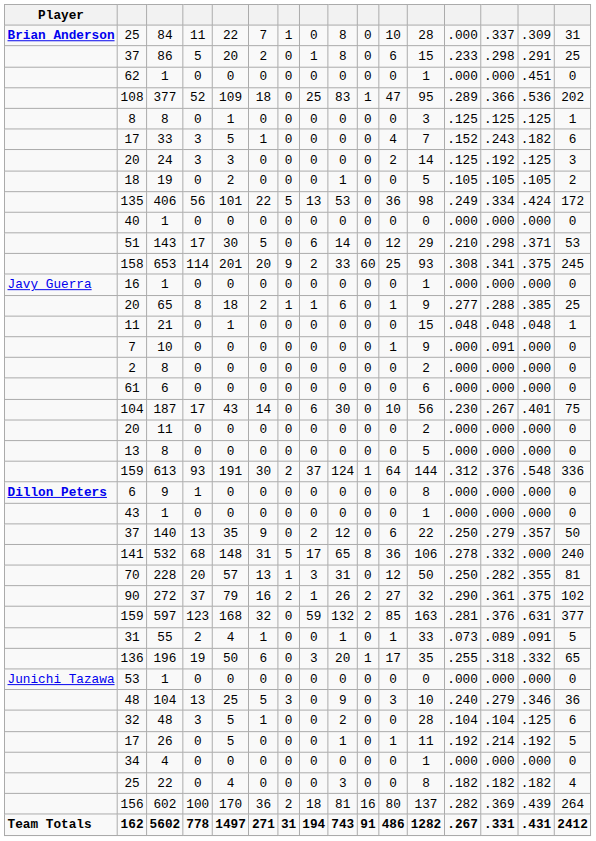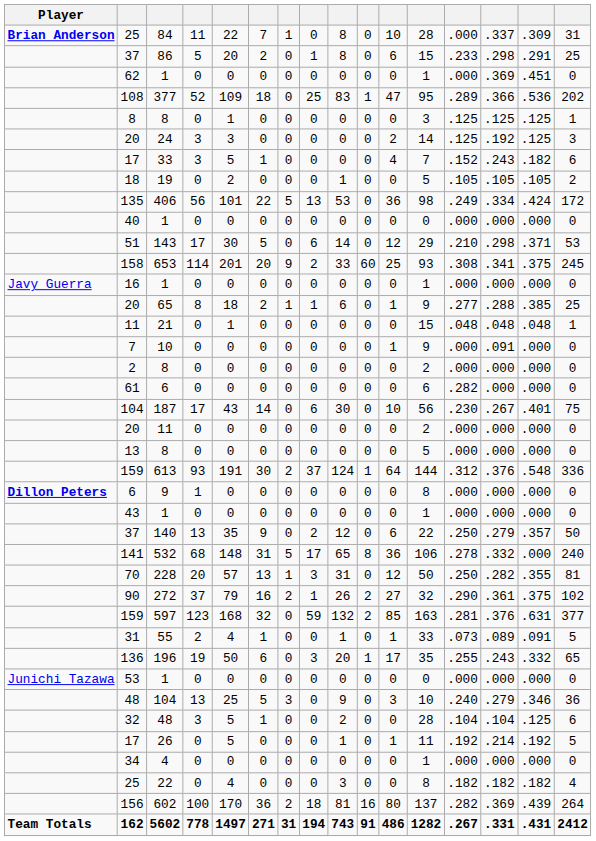 <table class="wikitable sortable" style="text-align:center;">
 <tr>
 <th>Player</th>
 <th></th>
 <th></th>
 <th></th>
 <th></th>
 <th></th>
 <th></th>
 <th></th>
 <th></th>
 <th></th>
 <th></th>
 <th></th>
 <th></th>
 <th></th>
 <th></th>
 <th></th>
 </tr>
 <tr>
 <td align=left><strong><a href='#'>Brian Anderson</a></strong></td>
 <td>25</td>
 <td>84</td>
 <td>11</td>
 <td>22</td>
 <td>7</td>
 <td>1</td>
 <td>0</td>
 <td>8</td>
 <td>0</td>
 <td>10</td>
 <td>28</td>
 <td>.000</td>
 <td>.337</td>
 <td>.309</td>
 <td>31</td>
 </tr>
 <tr>
 <td align=left></td>
 <td>37</td>
 <td>86</td>
 <td>5</td>
 <td>20</td>
 <td>2</td>
 <td>0</td>
 <td>1</td>
 <td>8</td>
 <td>0</td>
 <td>6</td>
 <td>15</td>
 <td>.233</td>
 <td>.298</td>
 <td>.291</td>
 <td>25</td>
 </tr>
 <tr>
 <td align=left><strong></strong></td>
 <td>62</td>
 <td>1</td>
 <td>0</td>
 <td>0</td>
 <td>0</td>
 <td>0</td>
 <td>0</td>
 <td>0</td>
 <td>0</td>
 <td>0</td>
 <td>1</td>
 <td>.000</td>
-<td>.000</td>
+<td>.369</td>
 <td>.451</td>
 <td>0</td>
 </tr>
 <tr>
 <td align=left></td>
 <td>108</td>
 <td>377</td>
 <td>52</td>
 <td>109</td>
 <td>18</td>
 <td>0</td>
 <td>25</td>
 <td>83</td>
 <td>1</td>
 <td>47</td>
 <td>95</td>
 <td>.289</td>
 <td>.366</td>
 <td>.536</td>
 <td>202</td>
 </tr>
 <tr>
 <td align=left></td>
 <td>8</td>
 <td>8</td>
 <td>0</td>
 <td>1</td>
 <td>0</td>
 <td>0</td>
 <td>0</td>
 <td>0</td>
 <td>0</td>
 <td>0</td>
 <td>3</td>
 <td>.125</td>
 <td>.125</td>
 <td>.125</td>
 <td>1</td>
 </tr>
 <tr>
 <td align=left></td>
+<td>20</td>
+<td>24</td>
+<td>3</td>
+<td>3</td>
+<td>0</td>
+<td>0</td>
+<td>0</td>
+<td>0</td>
+<td>0</td>
+<td>2</td>
+<td>14</td>
+<td>.125</td>
+<td>.192</td>
+<td>.125</td>
+<td>3</td>
+</tr>
+<tr>
+<td align=left></td>
 <td>17</td>
 <td>33</td>
 <td>3</td>
 <td>5</td>
 <td>1</td>
 <td>0</td>
 <td>0</td>
 <td>0</td>
 <td>0</td>
 <td>4</td>
 <td>7</td>
 <td>.152</td>
 <td>.243</td>
 <td>.182</td>
 <td>6</td>
-</tr>
-<tr>
-<td align=left></td>
-<td>20</td>
-<td>24</td>
-<td>3</td>
-<td>3</td>
-<td>0</td>
-<td>0</td>
-<td>0</td>
-<td>0</td>
-<td>0</td>
-<td>2</td>
-<td>14</td>
-<td>.125</td>
-<td>.192</td>
-<td>.125</td>
-<td>3</td>
 </tr>
 <tr>
 <td align=left></td>
 <td>18</td>
 <td>19</td>
 <td>0</td>
 <td>2</td>
 <td>0</td>
 <td>0</td>
 <td>0</td>
 <td>1</td>
 <td>0</td>
 <td>0</td>
 <td>5</td>
 <td>.105</td>
 <td>.105</td>
 <td>.105</td>
 <td>2</td>
 </tr>
 <tr>
 <td align=left></td>
 <td>135</td>
 <td>406</td>
 <td>56</td>
 <td>101</td>
 <td>22</td>
 <td>5</td>
 <td>13</td>
 <td>53</td>
 <td>0</td>
 <td>36</td>
 <td>98</td>
 <td>.249</td>
 <td>.334</td>
 <td>.424</td>
 <td>172</td>
 </tr>
 <tr>
 <td align=left></td>
 <td>40</td>
 <td>1</td>
 <td>0</td>
 <td>0</td>
 <td>0</td>
 <td>0</td>
 <td>0</td>
 <td>0</td>
 <td>0</td>
 <td>0</td>
 <td>0</td>
 <td>.000</td>
 <td>.000</td>
 <td>.000</td>
 <td>0</td>
 </tr>
 <tr>
 <td align=left></td>
 <td>51</td>
 <td>143</td>
 <td>17</td>
 <td>30</td>
 <td>5</td>
 <td>0</td>
 <td>6</td>
 <td>14</td>
 <td>0</td>
 <td>12</td>
 <td>29</td>
 <td>.210</td>
 <td>.298</td>
 <td>.371</td>
 <td>53</td>
 </tr>
 <tr>
 <td align=left><strong></strong></td>
 <td>158</td>
 <td>653</td>
 <td>114</td>
 <td>201</td>
 <td>20</td>
 <td>9</td>
 <td>2</td>
 <td>33</td>
 <td>60</td>
 <td>25</td>
 <td>93</td>
 <td>.308</td>
 <td>.341</td>
 <td>.375</td>
 <td>245</td>
 </tr>
 <tr>
 <td align=left><a href='#'>Javy Guerra</a></td>
 <td>16</td>
 <td>1</td>
 <td>0</td>
 <td>0</td>
 <td>0</td>
 <td>0</td>
 <td>0</td>
 <td>0</td>
 <td>0</td>
 <td>0</td>
 <td>1</td>
 <td>.000</td>
 <td>.000</td>
 <td>.000</td>
 <td>0</td>
 </tr>
 <tr>
 <td align=left></td>
 <td>20</td>
 <td>65</td>
 <td>8</td>
 <td>18</td>
 <td>2</td>
 <td>1</td>
 <td>1</td>
 <td>6</td>
 <td>0</td>
 <td>1</td>
 <td>9</td>
 <td>.277</td>
 <td>.288</td>
 <td>.385</td>
 <td>25</td>
 </tr>
 <tr>
 <td align=left></td>
 <td>11</td>
 <td>21</td>
 <td>0</td>
 <td>1</td>
 <td>0</td>
 <td>0</td>
 <td>0</td>
 <td>0</td>
 <td>0</td>
 <td>0</td>
 <td>15</td>
 <td>.048</td>
 <td>.048</td>
 <td>.048</td>
 <td>1</td>
 </tr>
 <tr>
 <td align=left></td>
 <td>7</td>
 <td>10</td>
 <td>0</td>
 <td>0</td>
 <td>0</td>
 <td>0</td>
 <td>0</td>
 <td>0</td>
 <td>0</td>
 <td>1</td>
 <td>9</td>
 <td>.000</td>
 <td>.091</td>
 <td>.000</td>
 <td>0</td>
 </tr>
 <tr>
 <td align=left></td>
 <td>2</td>
 <td>8</td>
 <td>0</td>
 <td>0</td>
 <td>0</td>
 <td>0</td>
 <td>0</td>
 <td>0</td>
 <td>0</td>
 <td>0</td>
 <td>2</td>
 <td>.000</td>
 <td>.000</td>
 <td>.000</td>
 <td>0</td>
 </tr>
 <tr>
 <td align=left></td>
 <td>61</td>
 <td>6</td>
 <td>0</td>
 <td>0</td>
 <td>0</td>
 <td>0</td>
 <td>0</td>
 <td>0</td>
 <td>0</td>
 <td>0</td>
 <td>6</td>
-<td>.000</td>
+<td>.282</td>
 <td>.000</td>
 <td>.000</td>
 <td>0</td>
 </tr>
 <tr>
 <td align=left></td>
 <td>104</td>
 <td>187</td>
 <td>17</td>
 <td>43</td>
 <td>14</td>
 <td>0</td>
 <td>6</td>
 <td>30</td>
 <td>0</td>
 <td>10</td>
 <td>56</td>
 <td>.230</td>
 <td>.267</td>
 <td>.401</td>
 <td>75</td>
 </tr>
 <tr>
 <td align=left></td>
 <td>20</td>
 <td>11</td>
 <td>0</td>
 <td>0</td>
 <td>0</td>
 <td>0</td>
 <td>0</td>
 <td>0</td>
 <td>0</td>
 <td>0</td>
 <td>2</td>
 <td>.000</td>
 <td>.000</td>
 <td>.000</td>
 <td>0</td>
 </tr>
 <tr>
 <td align=left></td>
 <td>13</td>
 <td>8</td>
 <td>0</td>
 <td>0</td>
 <td>0</td>
 <td>0</td>
 <td>0</td>
 <td>0</td>
 <td>0</td>
 <td>0</td>
 <td>5</td>
 <td>.000</td>
 <td>.000</td>
 <td>.000</td>
 <td>0</td>
 </tr>
 <tr>
 <td align=left><strong></strong></td>
 <td>159</td>
 <td>613</td>
 <td>93</td>
 <td>191</td>
 <td>30</td>
 <td>2</td>
 <td>37</td>
 <td>124</td>
 <td>1</td>
 <td>64</td>
 <td>144</td>
 <td>.312</td>
 <td>.376</td>
 <td>.548</td>
 <td>336</td>
 </tr>
 <tr>
 <td align=left><strong><a href='#'>Dillon Peters</a></strong></td>
 <td>6</td>
 <td>9</td>
 <td>1</td>
 <td>0</td>
 <td>0</td>
 <td>0</td>
 <td>0</td>
 <td>0</td>
 <td>0</td>
 <td>0</td>
 <td>8</td>
 <td>.000</td>
 <td>.000</td>
 <td>.000</td>
 <td>0</td>
 </tr>
 <tr>
 <td align=left><strong></strong></td>
 <td>43</td>
 <td>1</td>
 <td>0</td>
 <td>0</td>
 <td>0</td>
 <td>0</td>
 <td>0</td>
 <td>0</td>
 <td>0</td>
 <td>0</td>
 <td>1</td>
 <td>.000</td>
 <td>.000</td>
 <td>.000</td>
 <td>0</td>
 </tr>
 <tr>
 <td align=left></td>
 <td>37</td>
 <td>140</td>
 <td>13</td>
 <td>35</td>
 <td>9</td>
 <td>0</td>
 <td>2</td>
 <td>12</td>
 <td>0</td>
 <td>6</td>
 <td>22</td>
 <td>.250</td>
 <td>.279</td>
 <td>.357</td>
 <td>50</td>
 </tr>
 <tr>
 <td align=left><strong></strong></td>
 <td>141</td>
 <td>532</td>
 <td>68</td>
 <td>148</td>
 <td>31</td>
 <td>5</td>
 <td>17</td>
 <td>65</td>
 <td>8</td>
 <td>36</td>
 <td>106</td>
 <td>.278</td>
 <td>.332</td>
 <td>.000</td>
 <td>240</td>
 </tr>
 <tr>
 <td align=left><strong></strong></td>
 <td>70</td>
 <td>228</td>
 <td>20</td>
 <td>57</td>
 <td>13</td>
 <td>1</td>
 <td>3</td>
 <td>31</td>
 <td>0</td>
 <td>12</td>
 <td>50</td>
 <td>.250</td>
 <td>.282</td>
 <td>.355</td>
 <td>81</td>
 </tr>
 <tr>
 <td align=left><strong></strong></td>
 <td>90</td>
 <td>272</td>
 <td>37</td>
 <td>79</td>
 <td>16</td>
 <td>2</td>
 <td>1</td>
 <td>26</td>
 <td>2</td>
 <td>27</td>
 <td>32</td>
 <td>.290</td>
 <td>.361</td>
 <td>.375</td>
 <td>102</td>
 </tr>
 <tr>
 <td align=left><strong></strong></td>
 <td>159</td>
 <td>597</td>
 <td>123</td>
 <td>168</td>
 <td>32</td>
 <td>0</td>
 <td>59</td>
 <td>132</td>
 <td>2</td>
 <td>85</td>
 <td>163</td>
 <td>.281</td>
 <td>.376</td>
 <td>.631</td>
 <td>377</td>
 </tr>
 <tr>
 <td align=left></td>
 <td>31</td>
 <td>55</td>
 <td>2</td>
 <td>4</td>
 <td>1</td>
 <td>0</td>
 <td>0</td>
 <td>1</td>
 <td>0</td>
 <td>1</td>
 <td>33</td>
 <td>.073</td>
 <td>.089</td>
 <td>.091</td>
 <td>5</td>
 </tr>
 <tr>
 <td align=left></td>
 <td>136</td>
 <td>196</td>
 <td>19</td>
 <td>50</td>
 <td>6</td>
 <td>0</td>
 <td>3</td>
 <td>20</td>
 <td>1</td>
 <td>17</td>
 <td>35</td>
 <td>.255</td>
-<td>.318</td>
+<td>.243</td>
 <td>.332</td>
 <td>65</td>
 </tr>
 <tr>
 <td align=left><a href='#'>Junichi Tazawa</a></td>
 <td>53</td>
 <td>1</td>
 <td>0</td>
 <td>0</td>
 <td>0</td>
 <td>0</td>
 <td>0</td>
 <td>0</td>
 <td>0</td>
 <td>0</td>
 <td>0</td>
 <td>.000</td>
 <td>.000</td>
 <td>.000</td>
 <td>0</td>
 </tr>
 <tr>
 <td align=left></td>
 <td>48</td>
 <td>104</td>
 <td>13</td>
 <td>25</td>
 <td>5</td>
 <td>3</td>
 <td>0</td>
 <td>9</td>
 <td>0</td>
 <td>3</td>
 <td>10</td>
 <td>.240</td>
 <td>.279</td>
 <td>.346</td>
 <td>36</td>
 </tr>
 <tr>
 <td align=left><strong></strong></td>
 <td>32</td>
 <td>48</td>
 <td>3</td>
 <td>5</td>
 <td>1</td>
 <td>0</td>
 <td>0</td>
 <td>2</td>
 <td>0</td>
 <td>0</td>
 <td>28</td>
 <td>.104</td>
 <td>.104</td>
 <td>.125</td>
 <td>6</td>
 </tr>
 <tr>
 <td align=left></td>
 <td>17</td>
 <td>26</td>
 <td>0</td>
 <td>5</td>
 <td>0</td>
 <td>0</td>
 <td>0</td>
 <td>1</td>
 <td>0</td>
 <td>1</td>
 <td>11</td>
 <td>.192</td>
 <td>.214</td>
 <td>.192</td>
 <td>5</td>
 </tr>
 <tr>
 <td align=left><strong></strong></td>
 <td>34</td>
 <td>4</td>
 <td>0</td>
 <td>0</td>
 <td>0</td>
 <td>0</td>
 <td>0</td>
 <td>0</td>
 <td>0</td>
 <td>0</td>
 <td>1</td>
 <td>.000</td>
 <td>.000</td>
 <td>.000</td>
 <td>0</td>
 </tr>
 <tr>
 <td align=left></td>
 <td>25</td>
 <td>22</td>
 <td>0</td>
 <td>4</td>
 <td>0</td>
 <td>0</td>
 <td>0</td>
 <td>3</td>
 <td>0</td>
 <td>0</td>
 <td>8</td>
 <td>.182</td>
 <td>.182</td>
 <td>.182</td>
 <td>4</td>
 </tr>
 <tr>
 <td align=left><strong></strong></td>
 <td>156</td>
 <td>602</td>
 <td>100</td>
 <td>170</td>
 <td>36</td>
 <td>2</td>
 <td>18</td>
 <td>81</td>
 <td>16</td>
 <td>80</td>
 <td>137</td>
 <td>.282</td>
 <td>.369</td>
 <td>.439</td>
 <td>264</td>
 </tr>
 <tr>
 <td align=left><strong>Team Totals</strong></td>
 <td><strong>162</strong></td>
 <td><strong>5602</strong></td>
 <td><strong>778</strong></td>
 <td><strong>1497</strong></td>
 <td><strong>271</strong></td>
 <td><strong>31</strong></td>
 <td><strong>194</strong></td>
 <td><strong>743</strong></td>
 <td><strong>91</strong></td>
 <td><strong>486</strong></td>
 <td><strong>1282</strong></td>
 <td><strong>.267</strong></td>
 <td><strong>.331</strong></td>
 <td><strong>.431</strong></td>
 <td><strong>2412</strong></td>
 </tr>
 <tr class="sortbottom|}">
 </tr>
 </table>
